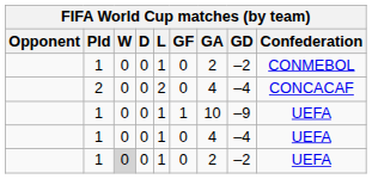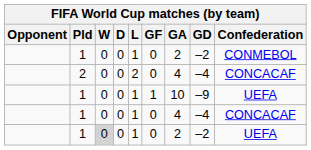 <table class="wikitable sortable" style="text-align: center;">
 <tr>
 <th colspan="9">FIFA World Cup matches (by team)</th>
 </tr>
 <tr>
 <th>Opponent</th>
 <th>Pld</th>
 <th>W</th>
 <th>D</th>
 <th>L</th>
 <th>GF</th>
 <th>GA</th>
 <th>GD</th>
 <th>Confederation</th>
 </tr>
 <tr>
 <td align="left"></td>
 <td>1</td>
 <td>0</td>
 <td>0</td>
 <td>1</td>
 <td>0</td>
 <td>2</td>
 <td>–2</td>
 <td><a href='#'>CONMEBOL</a></td>
 </tr>
 <tr>
 <td align="left"></td>
 <td>2</td>
 <td>0</td>
 <td>0</td>
 <td>2</td>
 <td>0</td>
 <td>4</td>
 <td>–4</td>
 <td><a href='#'>CONCACAF</a></td>
 </tr>
 <tr>
 <td align="left"></td>
 <td>1</td>
 <td>0</td>
 <td>0</td>
 <td>1</td>
 <td>1</td>
 <td>10</td>
 <td>–9</td>
 <td><a href='#'>UEFA</a></td>
 </tr>
 <tr>
 <td align="left"></td>
 <td>1</td>
 <td>0</td>
 <td>0</td>
 <td>1</td>
 <td>0</td>
 <td>4</td>
 <td>–4</td>
-<td><a href='#'>UEFA</a></td>
+<td><a href='#'>CONCACAF</a></td>
 </tr>
 <tr>
 <td align="left"></td>
 <td>1</td>
 <td style="background: lightgrey;">0</td>
 <td>0</td>
 <td>1</td>
 <td>0</td>
 <td>2</td>
 <td>–2</td>
 <td><a href='#'>UEFA</a></td>
 </tr>
 </table>
